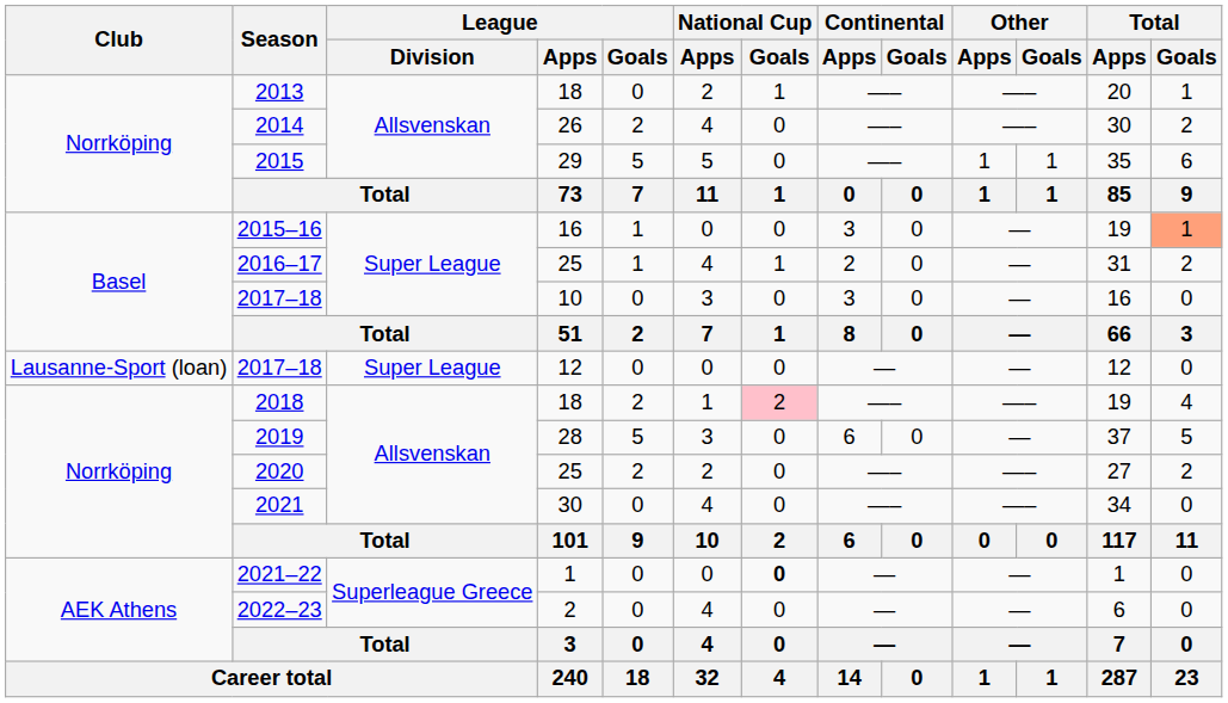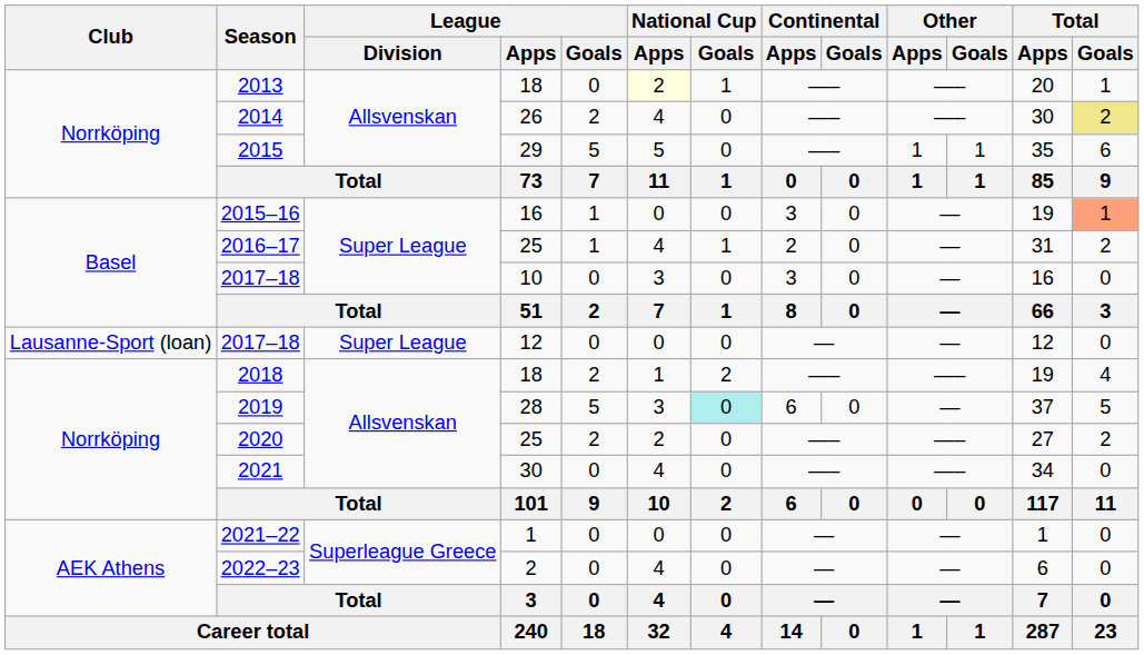 <table class="wikitable" style="text-align: center">
 <tr>
 <th rowspan="2">Club</th>
 <th rowspan="2">Season</th>
 <th colspan="3">League</th>
 <th colspan="2">National Cup</th>
 <th colspan="2">Continental</th>
 <th colspan="2">Other</th>
 <th colspan="2">Total</th>
 </tr>
 <tr>
 <th>Division</th>
 <th>Apps</th>
 <th>Goals</th>
 <th>Apps</th>
 <th>Goals</th>
 <th>Apps</th>
 <th>Goals</th>
 <th>Apps</th>
 <th>Goals</th>
 <th>Apps</th>
 <th>Goals</th>
 </tr>
 <tr>
 <td rowspan="4"><a href='#'>Norrköping</a></td>
 <td><a href='#'>2013</a></td>
 <td rowspan="3"><a href='#'>Allsvenskan</a></td>
 <td>18</td>
 <td>0</td>
-<td>2</td>
+<td style="background: lightyellow;">2</td>
 <td>1</td>
 <td colspan="2">—–</td>
 <td colspan="2">—–</td>
 <td>20</td>
 <td>1</td>
 </tr>
 <tr>
 <td><a href='#'>2014</a></td>
 <td>26</td>
 <td>2</td>
 <td>4</td>
 <td>0</td>
 <td colspan="2">—–</td>
 <td colspan="2">—–</td>
 <td>30</td>
-<td>2</td>
+<td style="background: khaki;">2</td>
 </tr>
 <tr>
 <td><a href='#'>2015</a></td>
 <td>29</td>
 <td>5</td>
 <td>5</td>
 <td>0</td>
 <td colspan="2">—–</td>
 <td>1</td>
 <td>1</td>
 <td>35</td>
 <td>6</td>
 </tr>
 <tr>
 <th colspan="2">Total</th>
 <th>73</th>
 <th>7</th>
 <th>11</th>
 <th>1</th>
 <th>0</th>
 <th>0</th>
 <th>1</th>
 <th>1</th>
 <th>85</th>
 <th>9</th>
 </tr>
 <tr>
 <td rowspan="4"><a href='#'>Basel</a></td>
 <td><a href='#'>2015–16</a></td>
 <td rowspan="3"><a href='#'>Super League</a></td>
 <td>16</td>
 <td>1</td>
 <td>0</td>
 <td>0</td>
 <td>3</td>
 <td>0</td>
 <td colspan="2">—</td>
 <td>19</td>
 <td style="background: lightsalmon;">1</td>
 </tr>
 <tr>
 <td><a href='#'>2016–17</a></td>
 <td>25</td>
 <td>1</td>
 <td>4</td>
 <td>1</td>
 <td>2</td>
 <td>0</td>
 <td colspan="2">—</td>
 <td>31</td>
 <td>2</td>
 </tr>
 <tr>
 <td><a href='#'>2017–18</a></td>
 <td>10</td>
 <td>0</td>
 <td>3</td>
 <td>0</td>
 <td>3</td>
 <td>0</td>
 <td colspan="2">—</td>
 <td>16</td>
 <td>0</td>
 </tr>
 <tr>
 <th colspan="2">Total</th>
 <th>51</th>
 <th>2</th>
 <th>7</th>
 <th>1</th>
 <th>8</th>
 <th>0</th>
 <th colspan="2">—</th>
 <th>66</th>
 <th>3</th>
 </tr>
 <tr>
 <td><a href='#'>Lausanne-Sport</a> (loan)</td>
 <td><a href='#'>2017–18</a></td>
 <td><a href='#'>Super League</a></td>
 <td>12</td>
 <td>0</td>
 <td>0</td>
 <td>0</td>
 <td colspan="2">—</td>
 <td colspan="2">—</td>
 <td>12</td>
 <td>0</td>
 </tr>
 <tr>
 <td rowspan="5"><a href='#'>Norrköping</a></td>
 <td><a href='#'>2018</a></td>
 <td rowspan="4"><a href='#'>Allsvenskan</a></td>
 <td>18</td>
 <td>2</td>
 <td>1</td>
-<td style="background: pink;">2</td>
+<td>2</td>
 <td colspan="2">—–</td>
 <td colspan="2">—–</td>
 <td>19</td>
 <td>4</td>
 </tr>
 <tr>
 <td><a href='#'>2019</a></td>
 <td>28</td>
 <td>5</td>
 <td>3</td>
-<td>0</td>
+<td style="background: paleturquoise;">0</td>
 <td>6</td>
 <td>0</td>
 <td colspan="2">—</td>
 <td>37</td>
 <td>5</td>
 </tr>
 <tr>
 <td><a href='#'>2020</a></td>
 <td>25</td>
 <td>2</td>
 <td>2</td>
 <td>0</td>
 <td colspan="2">—–</td>
 <td colspan="2">—–</td>
 <td>27</td>
 <td>2</td>
 </tr>
 <tr>
 <td><a href='#'>2021</a></td>
 <td>30</td>
 <td>0</td>
 <td>4</td>
 <td>0</td>
 <td colspan="2">—–</td>
 <td colspan="2">—–</td>
 <td>34</td>
 <td>0</td>
 </tr>
 <tr>
 <th colspan="2">Total</th>
 <th>101</th>
 <th>9</th>
 <th>10</th>
 <th>2</th>
 <th>6</th>
 <th>0</th>
 <th>0</th>
 <th>0</th>
 <th>117</th>
 <th>11</th>
 </tr>
 <tr>
 <td rowspan="3"><a href='#'>AEK Athens</a></td>
 <td><a href='#'>2021–22</a></td>
 <td rowspan="2"><a href='#'>Superleague Greece</a></td>
 <td>1</td>
 <td>0</td>
 <td>0</td>
-<td><strong>0</strong></td>
+<td>0</td>
 <td colspan="2">—</td>
 <td colspan="2">—</td>
 <td>1</td>
 <td>0</td>
 </tr>
 <tr>
 <td><a href='#'>2022–23</a></td>
 <td>2</td>
 <td>0</td>
 <td>4</td>
 <td>0</td>
 <td colspan="2">—</td>
 <td colspan="2">—</td>
 <td>6</td>
 <td>0</td>
 </tr>
 <tr>
 <th colspan="2">Total</th>
 <th>3</th>
 <th>0</th>
 <th>4</th>
 <th>0</th>
 <th colspan="2">—</th>
 <th colspan="2">—</th>
 <th>7</th>
 <th>0</th>
 </tr>
 <tr>
 <th colspan="3">Career total</th>
 <th>240</th>
 <th>18</th>
 <th>32</th>
 <th>4</th>
 <th>14</th>
 <th>0</th>
 <th>1</th>
 <th>1</th>
 <th>287</th>
 <th>23</th>
 </tr>
 </table>
